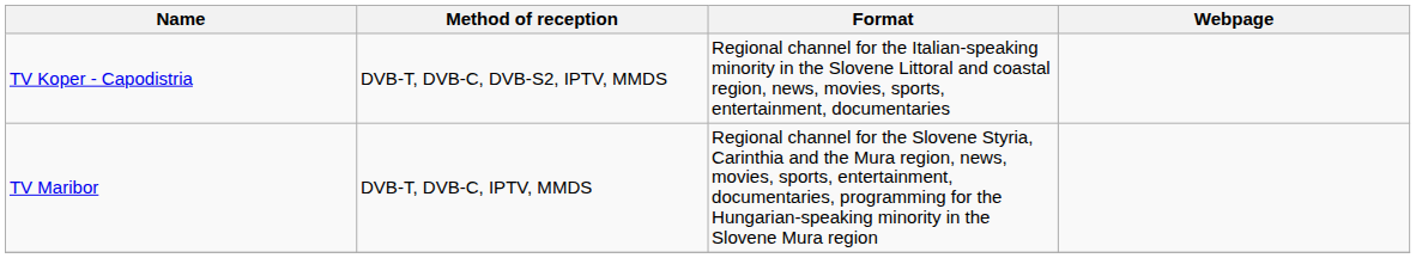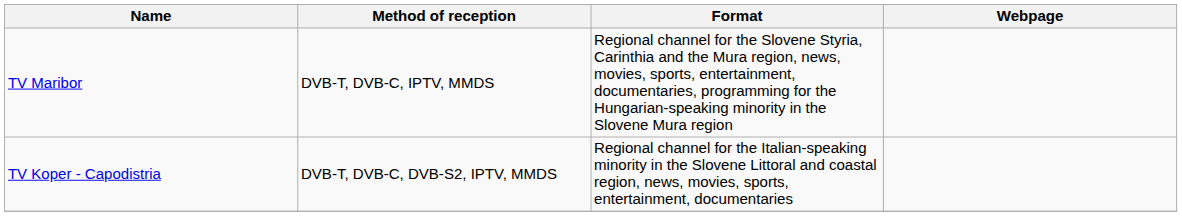 <table class="wikitable">
 <tr>
 <th width="25%">Name</th>
 <th width="25%">Method of reception</th>
 <th width="25%">Format</th>
 <th width="25%">Webpage</th>
 </tr>
 <tr>
+<td><a href='#'>TV Maribor</a></td>
+<td>DVB-T, DVB-C, IPTV, MMDS</td>
+<td>Regional channel for the Slovene Styria, Carinthia and the Mura region, news, movies, sports, entertainment, documentaries, programming for the Hungarian-speaking minority in the Slovene Mura region</td>
+<td></td>
+</tr>
+<tr>
 <td><a href='#'>TV Koper - Capodistria</a></td>
 <td>DVB-T, DVB-C, DVB-S2, IPTV, MMDS</td>
 <td>Regional channel for the Italian-speaking minority in the Slovene Littoral and coastal region, news, movies, sports, entertainment, documentaries</td>
 <td></td>
 </tr>
 <tr>
-<td><a href='#'>TV Maribor</a></td>
-<td>DVB-T, DVB-C, IPTV, MMDS</td>
-<td>Regional channel for the Slovene Styria, Carinthia and the Mura region, news, movies, sports, entertainment, documentaries, programming for the Hungarian-speaking minority in the Slovene Mura region</td>
-<td></td>
-</tr>
-<tr>
 </tr>
 </table>
